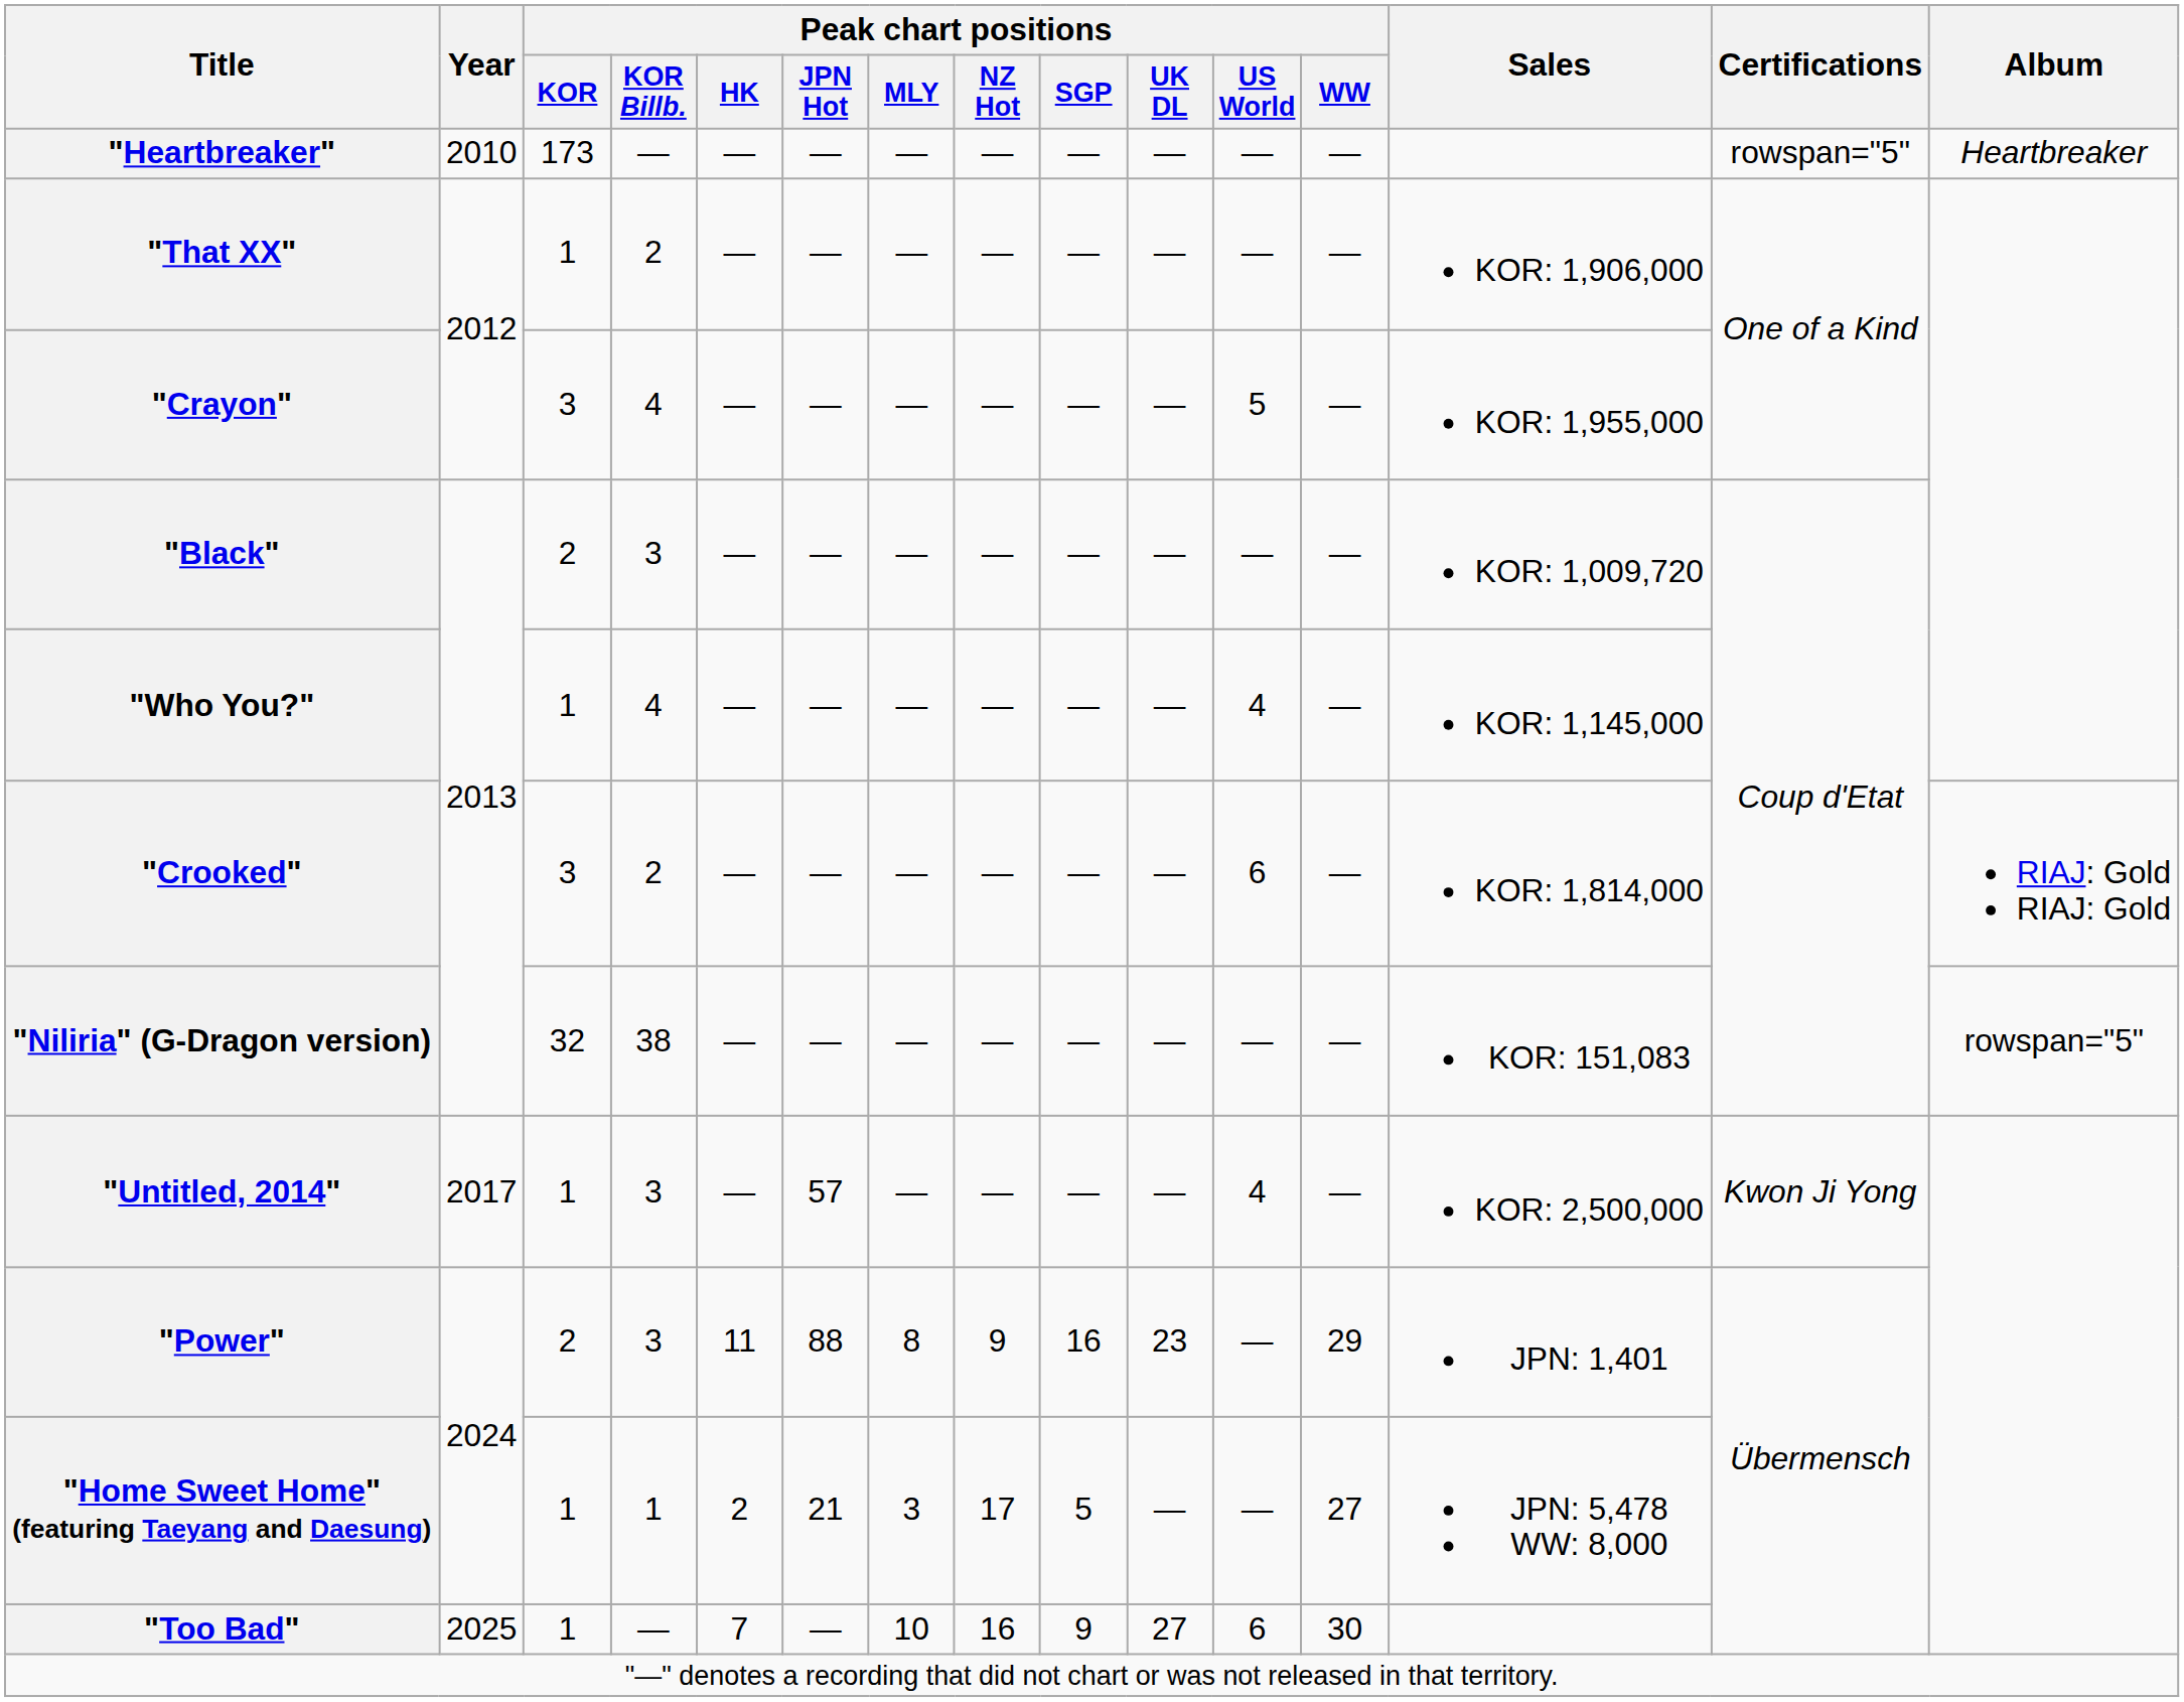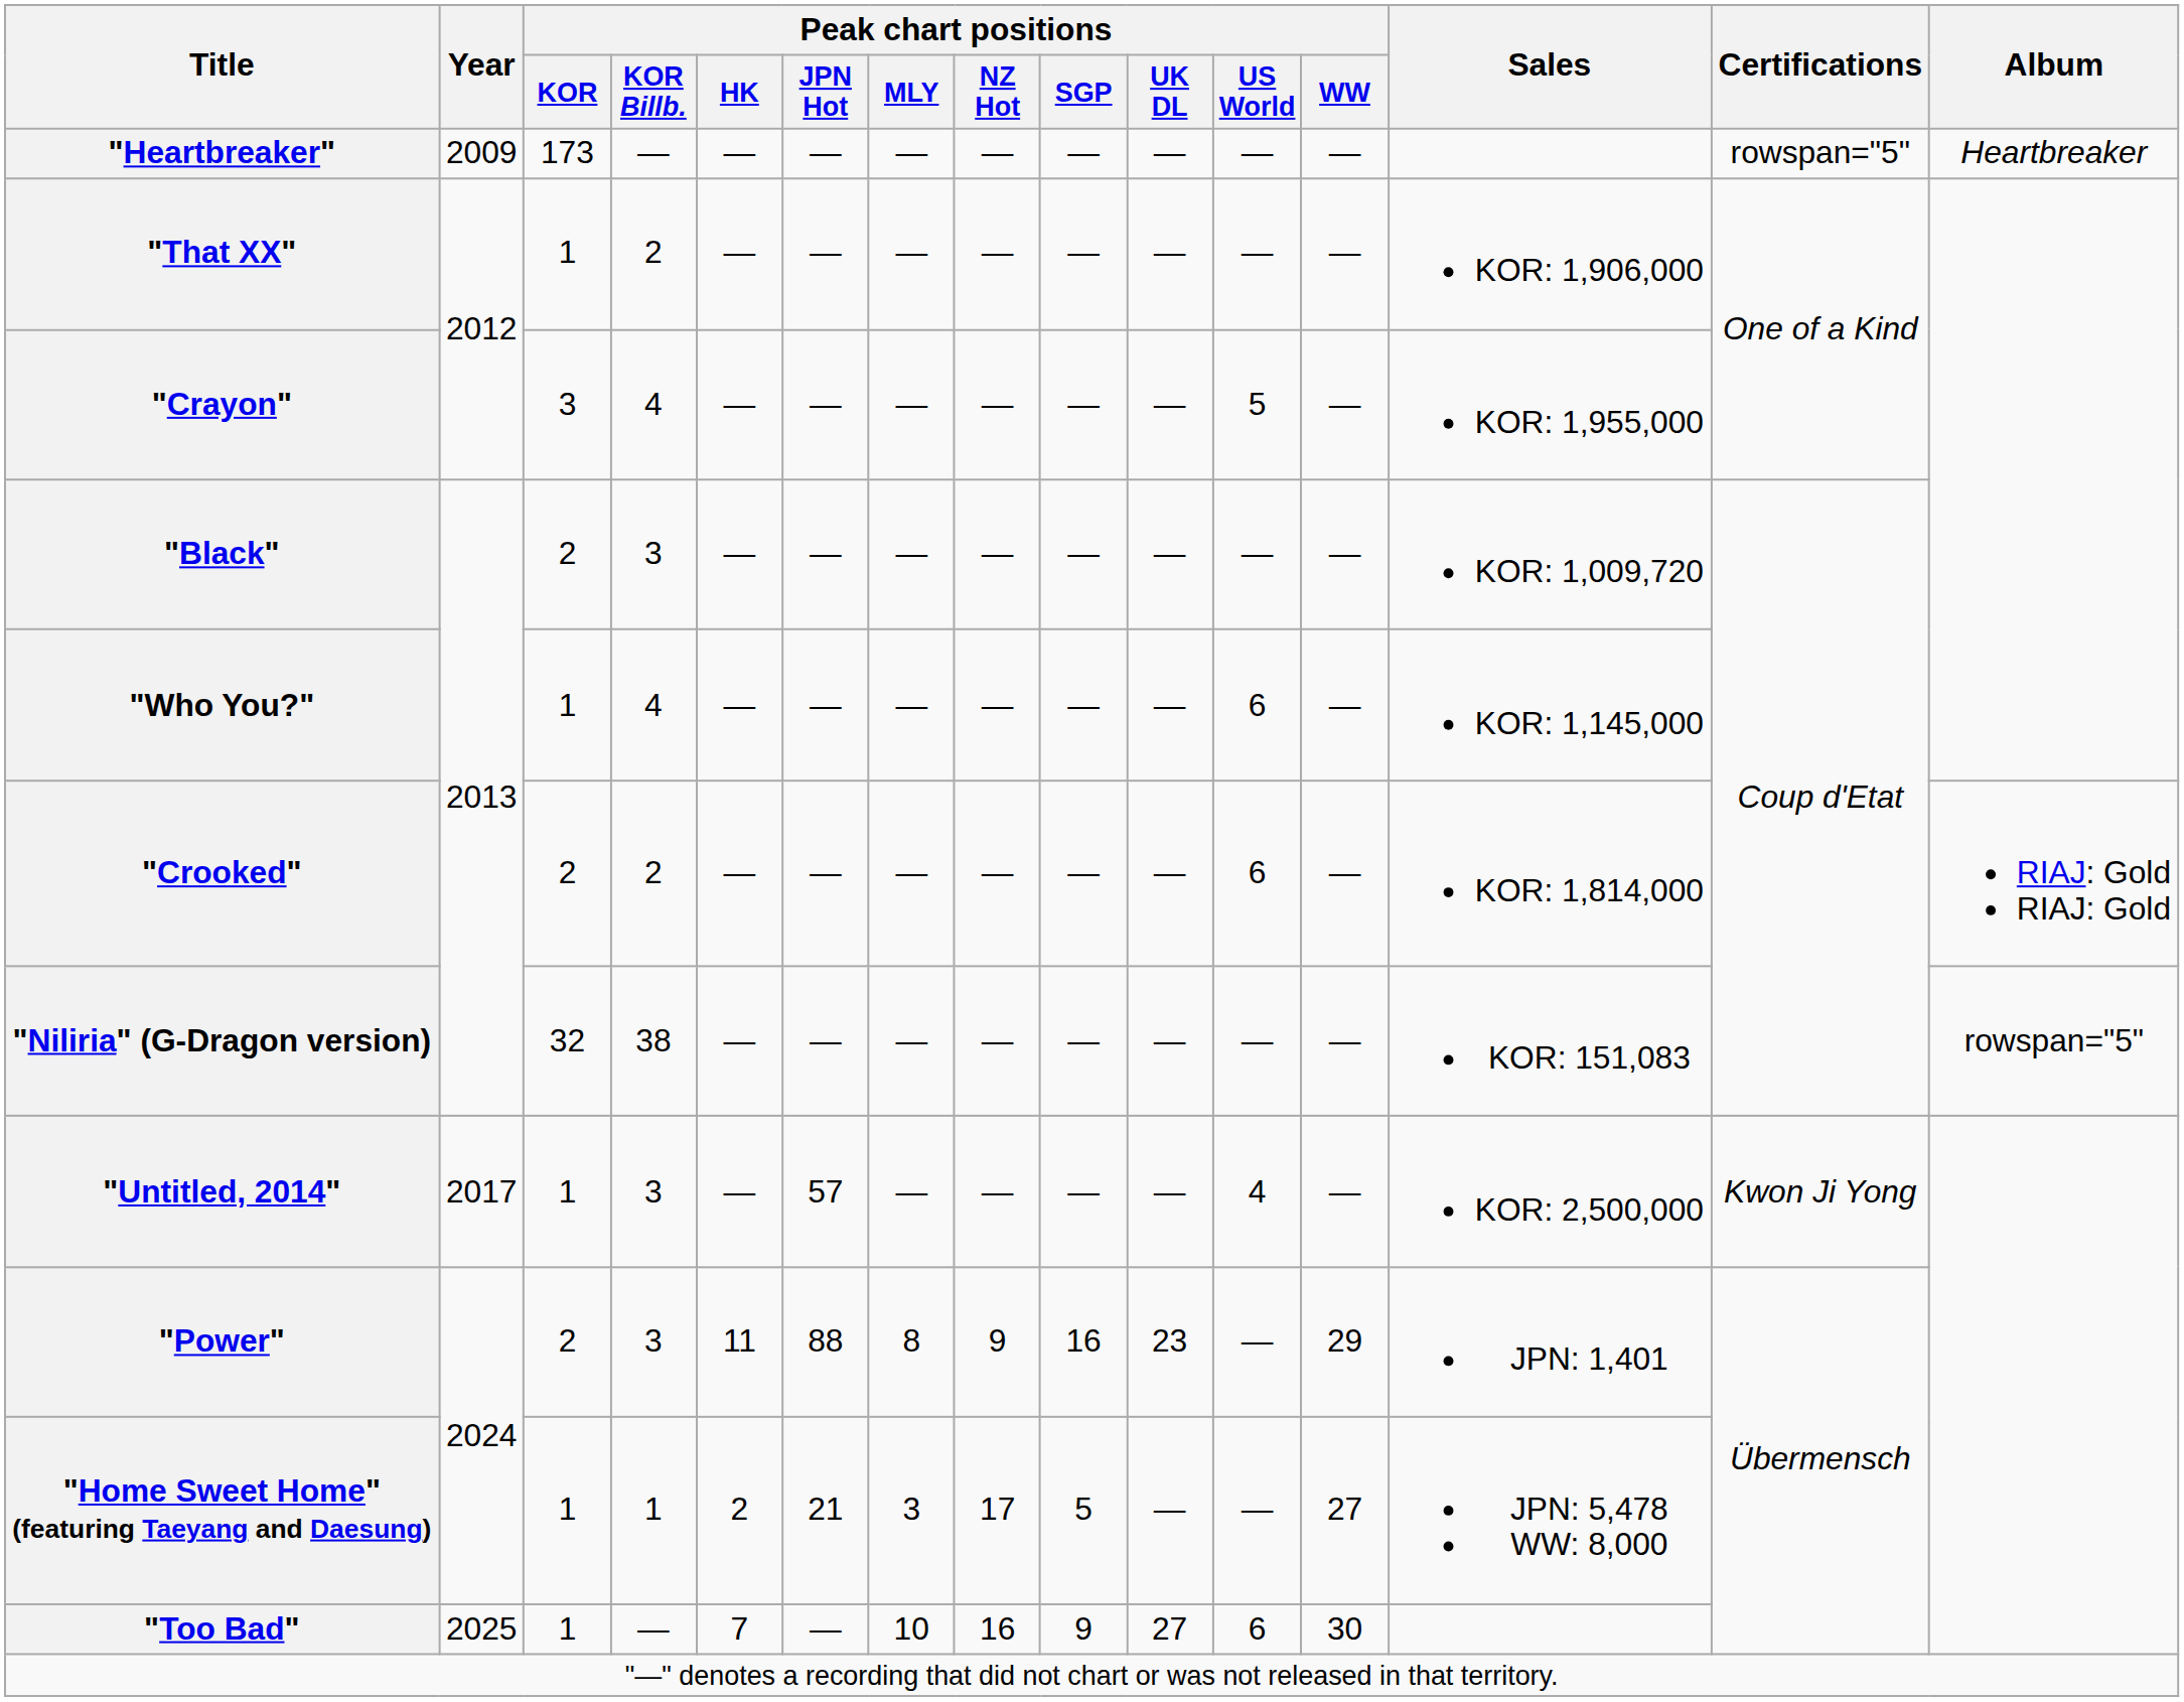 <table class="wikitable plainrowheaders" style="text-align:center;">
 <tr>
 <th scope="col" rowspan="2">Title</th>
 <th scope="col" rowspan="2">Year</th>
 <th scope="col" colspan="10">Peak chart positions</th>
 <th scope="col" rowspan="2">Sales</th>
 <th scope="col" rowspan="2">Certifications</th>
 <th scope="col" rowspan="2">Album</th>
 </tr>
 <tr>
 <th scope="col" style="width:2.7em;font-size:85%;"><a href='#'>KOR</a><br></th>
 <th style="width:2.7em; font-size:85%;"><a href='#'>KOR<br><em>Billb.</em></a><br></th>
 <th scope="col" style="width:2.7em;font-size:85%;"><a href='#'>HK</a><br></th>
 <th scope="col" style="width:2.7em;font-size:85%;"><a href='#'>JPN<br>Hot</a><br></th>
 <th scope="col" style="width:2.7em;font-size:85%;"><a href='#'>MLY</a><br></th>
 <th scope="col" style="width:2.7em;font-size:85%;"><a href='#'>NZ<br>Hot</a><br></th>
 <th scope="col" style="width:2.7em;font-size:85%;"><a href='#'>SGP</a><br></th>
 <th scope="col" style="width:2.7em;font-size:85%;"><a href='#'>UK DL</a><br></th>
 <th scope="col" style="width:2.7em;font-size:85%;"><a href='#'>US<br>World</a><br></th>
 <th scope="col" style="width:2.7em;font-size:85%;"><a href='#'>WW</a><br></th>
 </tr>
 <tr>
 <th scope="row">"<a href='#'>Heartbreaker</a>"</th>
-<td>2010</td>
+<td>2009</td>
 <td>173</td>
 <td>—</td>
 <td>—</td>
 <td>—</td>
 <td>—</td>
 <td>—</td>
 <td>—</td>
 <td>—</td>
 <td>—</td>
 <td>—</td>
 <td></td>
 <td>rowspan="5" </td>
 <td><em>Heartbreaker</em></td>
 </tr>
 <tr>
 <th scope="row">"<a href='#'>That XX</a>"</th>
 <td rowspan="2">2012</td>
 <td>1</td>
 <td>2</td>
 <td>—</td>
 <td>—</td>
 <td>—</td>
 <td>—</td>
 <td>—</td>
 <td>—</td>
 <td>—</td>
 <td>—</td>
 <td><br><ul><li>KOR: 1,906,000</li></ul></td>
 <td rowspan="2"><em>One of a Kind</em></td>
 </tr>
 <tr>
 <th scope="row">"<a href='#'>Crayon</a>"</th>
 <td>3</td>
 <td>4</td>
 <td>—</td>
 <td>—</td>
 <td>—</td>
 <td>—</td>
 <td>—</td>
 <td>—</td>
 <td>5</td>
 <td>—</td>
 <td><br><ul><li>KOR: 1,955,000</li></ul></td>
 </tr>
 <tr>
 <th scope="row">"<a href='#'>Black</a>"<br></th>
 <td rowspan="4">2013</td>
 <td>2</td>
 <td>3</td>
 <td>—</td>
 <td>—</td>
 <td>—</td>
 <td>—</td>
 <td>—</td>
 <td>—</td>
 <td>—</td>
 <td>—</td>
 <td><br><ul><li>KOR: 1,009,720</li></ul></td>
 <td rowspan="4"><em>Coup d'Etat</em></td>
 </tr>
 <tr>
 <th scope="row">"Who You?"</th>
 <td>1</td>
 <td>4</td>
 <td>—</td>
 <td>—</td>
 <td>—</td>
 <td>—</td>
 <td>—</td>
 <td>—</td>
-<td>4</td>
+<td>6</td>
 <td>—</td>
 <td><br><ul><li>KOR: 1,145,000</li></ul></td>
 </tr>
 <tr>
 <th scope="row">"<a href='#'>Crooked</a>"</th>
-<td>3</td>
+<td>2</td>
 <td>2</td>
 <td>—</td>
 <td>—</td>
 <td>—</td>
 <td>—</td>
 <td>—</td>
 <td>—</td>
 <td>6</td>
 <td>—</td>
 <td><br><ul><li>KOR: 1,814,000</li></ul></td>
 <td><br><ul><li><a href='#'>RIAJ</a>: Gold </li><li>RIAJ: Gold </li></ul></td>
 </tr>
 <tr>
 <th scope="row">"<a href='#'>Niliria</a>" (G-Dragon version)</th>
 <td>32</td>
 <td>38</td>
 <td>—</td>
 <td>—</td>
 <td>—</td>
 <td>—</td>
 <td>—</td>
 <td>—</td>
 <td>—</td>
 <td>—</td>
 <td><br><ul><li>KOR: 151,083</li></ul></td>
 <td>rowspan="5" </td>
 </tr>
 <tr>
 <th scope="row">"<a href='#'>Untitled, 2014</a>"</th>
 <td>2017</td>
 <td>1</td>
 <td>3</td>
 <td>—</td>
 <td>57</td>
 <td>—</td>
 <td>—</td>
 <td>—</td>
 <td>—</td>
 <td>4</td>
 <td>—</td>
 <td><br><ul><li>KOR: 2,500,000</li></ul></td>
 <td><em>Kwon Ji Yong</em></td>
 </tr>
 <tr>
 <th scope="row">"<a href='#'>Power</a>"</th>
 <td rowspan="2">2024</td>
 <td>2</td>
 <td>3</td>
 <td>11</td>
 <td>88</td>
 <td>8</td>
 <td>9</td>
 <td>16</td>
 <td>23</td>
 <td>—</td>
 <td>29</td>
 <td><br><ul><li>JPN: 1,401</li></ul></td>
 <td rowspan="3"><em>Übermensch</em></td>
 </tr>
 <tr>
 <th scope="row">"<a href='#'>Home Sweet Home</a>"<br><small>(featuring <a href='#'>Taeyang</a> and <a href='#'>Daesung</a>)</small></th>
 <td>1</td>
 <td>1</td>
 <td>2</td>
 <td>21</td>
 <td>3</td>
 <td>17</td>
 <td>5</td>
 <td>—</td>
 <td>—</td>
 <td>27</td>
 <td><br><ul><li>JPN: 5,478</li><li>WW: 8,000</li></ul></td>
 </tr>
 <tr>
 <th scope="row">"<a href='#'>Too Bad</a>"<br></th>
 <td>2025</td>
 <td>1</td>
 <td>—</td>
 <td>7</td>
 <td>—</td>
 <td>10</td>
 <td>16</td>
 <td>9</td>
 <td>27</td>
 <td>6</td>
 <td>30</td>
 <td></td>
 </tr>
 <tr>
 <td colspan="15" style="font-size:85%">"—" denotes a recording that did not chart or was not released in that territory.</td>
 </tr>
 </table>
